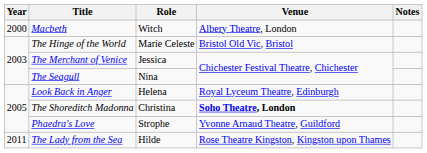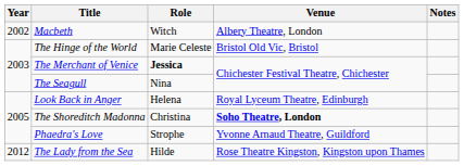 <table class="wikitable sortable">
 <tr>
 <th>Year</th>
 <th>Title</th>
 <th>Role</th>
 <th>Venue</th>
 <th>Notes</th>
 </tr>
 <tr>
-<td>2000</td>
+<td>2002</td>
 <td><em><a href='#'>Macbeth</a></em></td>
 <td>Witch</td>
 <td><a href='#'>Albery Theatre</a>, London</td>
 <td></td>
 </tr>
 <tr>
 <td rowspan="3">2003</td>
 <td><em>The Hinge of the World</em></td>
 <td>Marie Celeste</td>
 <td><a href='#'>Bristol Old Vic</a>, <a href='#'>Bristol</a></td>
 <td></td>
 </tr>
 <tr>
 <td><em><a href='#'>The Merchant of Venice</a></em></td>
-<td>Jessica</td>
+<td><strong>Jessica</strong></td>
 <td rowspan="2"><a href='#'>Chichester Festival Theatre</a>, <a href='#'>Chichester</a></td>
 <td></td>
 </tr>
 <tr>
 <td><em><a href='#'>The Seagull</a></em></td>
 <td>Nina</td>
 <td></td>
 </tr>
 <tr>
 <td rowspan="3">2005</td>
 <td><em><a href='#'>Look Back in Anger</a></em></td>
 <td>Helena</td>
 <td><a href='#'>Royal Lyceum Theatre</a>, <a href='#'>Edinburgh</a></td>
 <td></td>
 </tr>
 <tr>
 <td><em>The Shoreditch Madonna</em></td>
 <td>Christina</td>
 <td><strong><a href='#'>Soho Theatre</a>, London</strong></td>
 <td></td>
 </tr>
 <tr>
 <td><em><a href='#'>Phaedra's Love</a></em></td>
 <td>Strophe</td>
 <td><a href='#'>Yvonne Arnaud Theatre</a>, <a href='#'>Guildford</a></td>
 <td></td>
 </tr>
 <tr>
-<td>2011</td>
+<td>2012</td>
 <td><em><a href='#'>The Lady from the Sea</a></em></td>
 <td>Hilde</td>
 <td><a href='#'>Rose Theatre Kingston</a>, <a href='#'>Kingston upon Thames</a></td>
 <td></td>
 </tr>
 </table>
